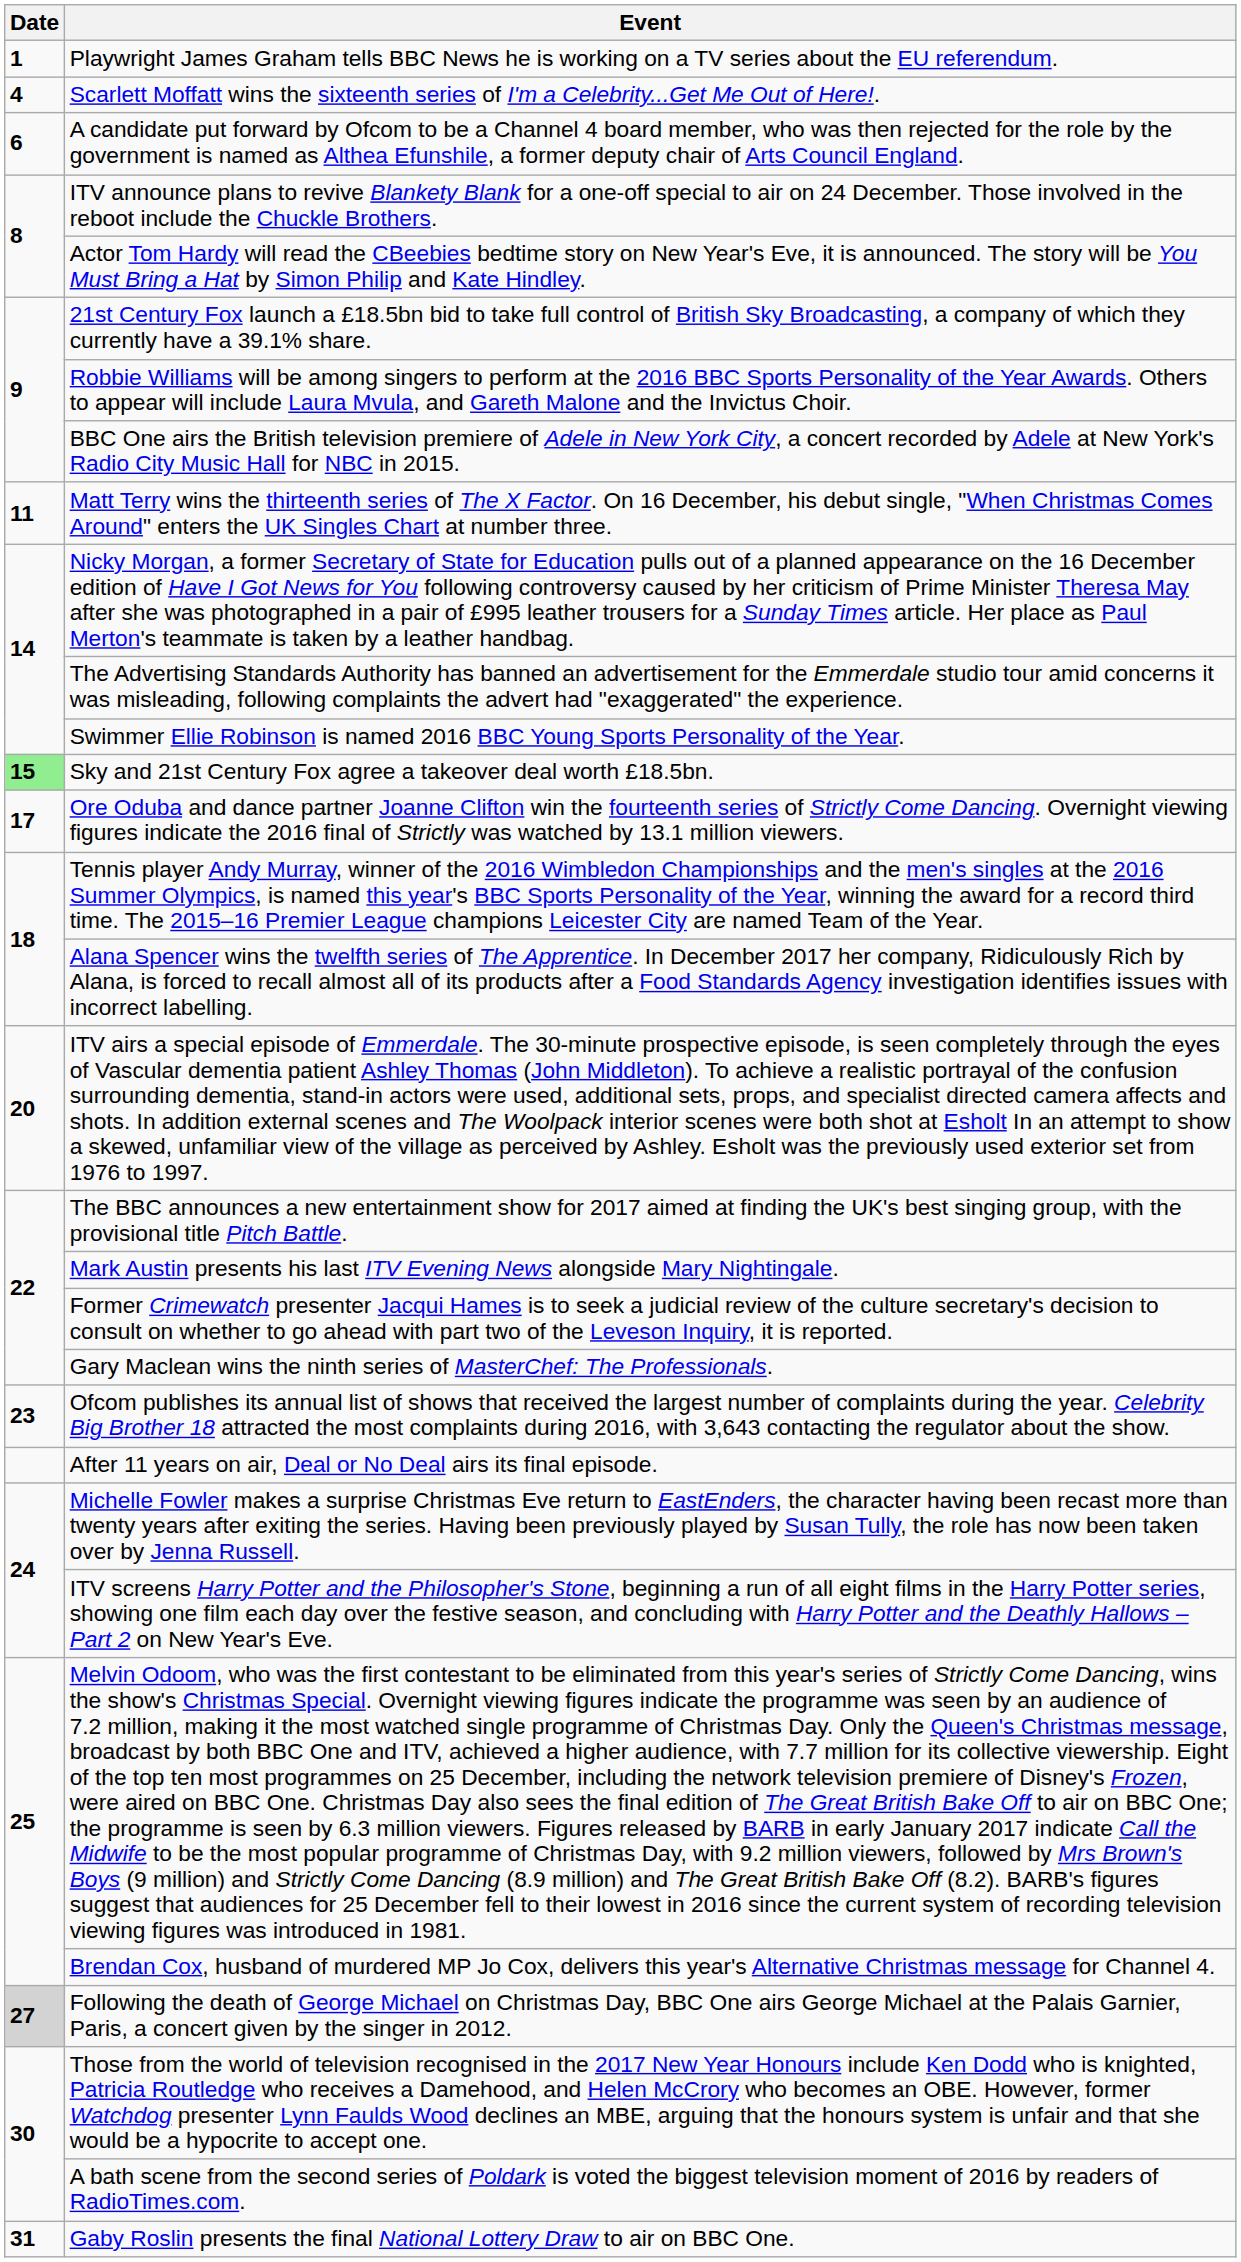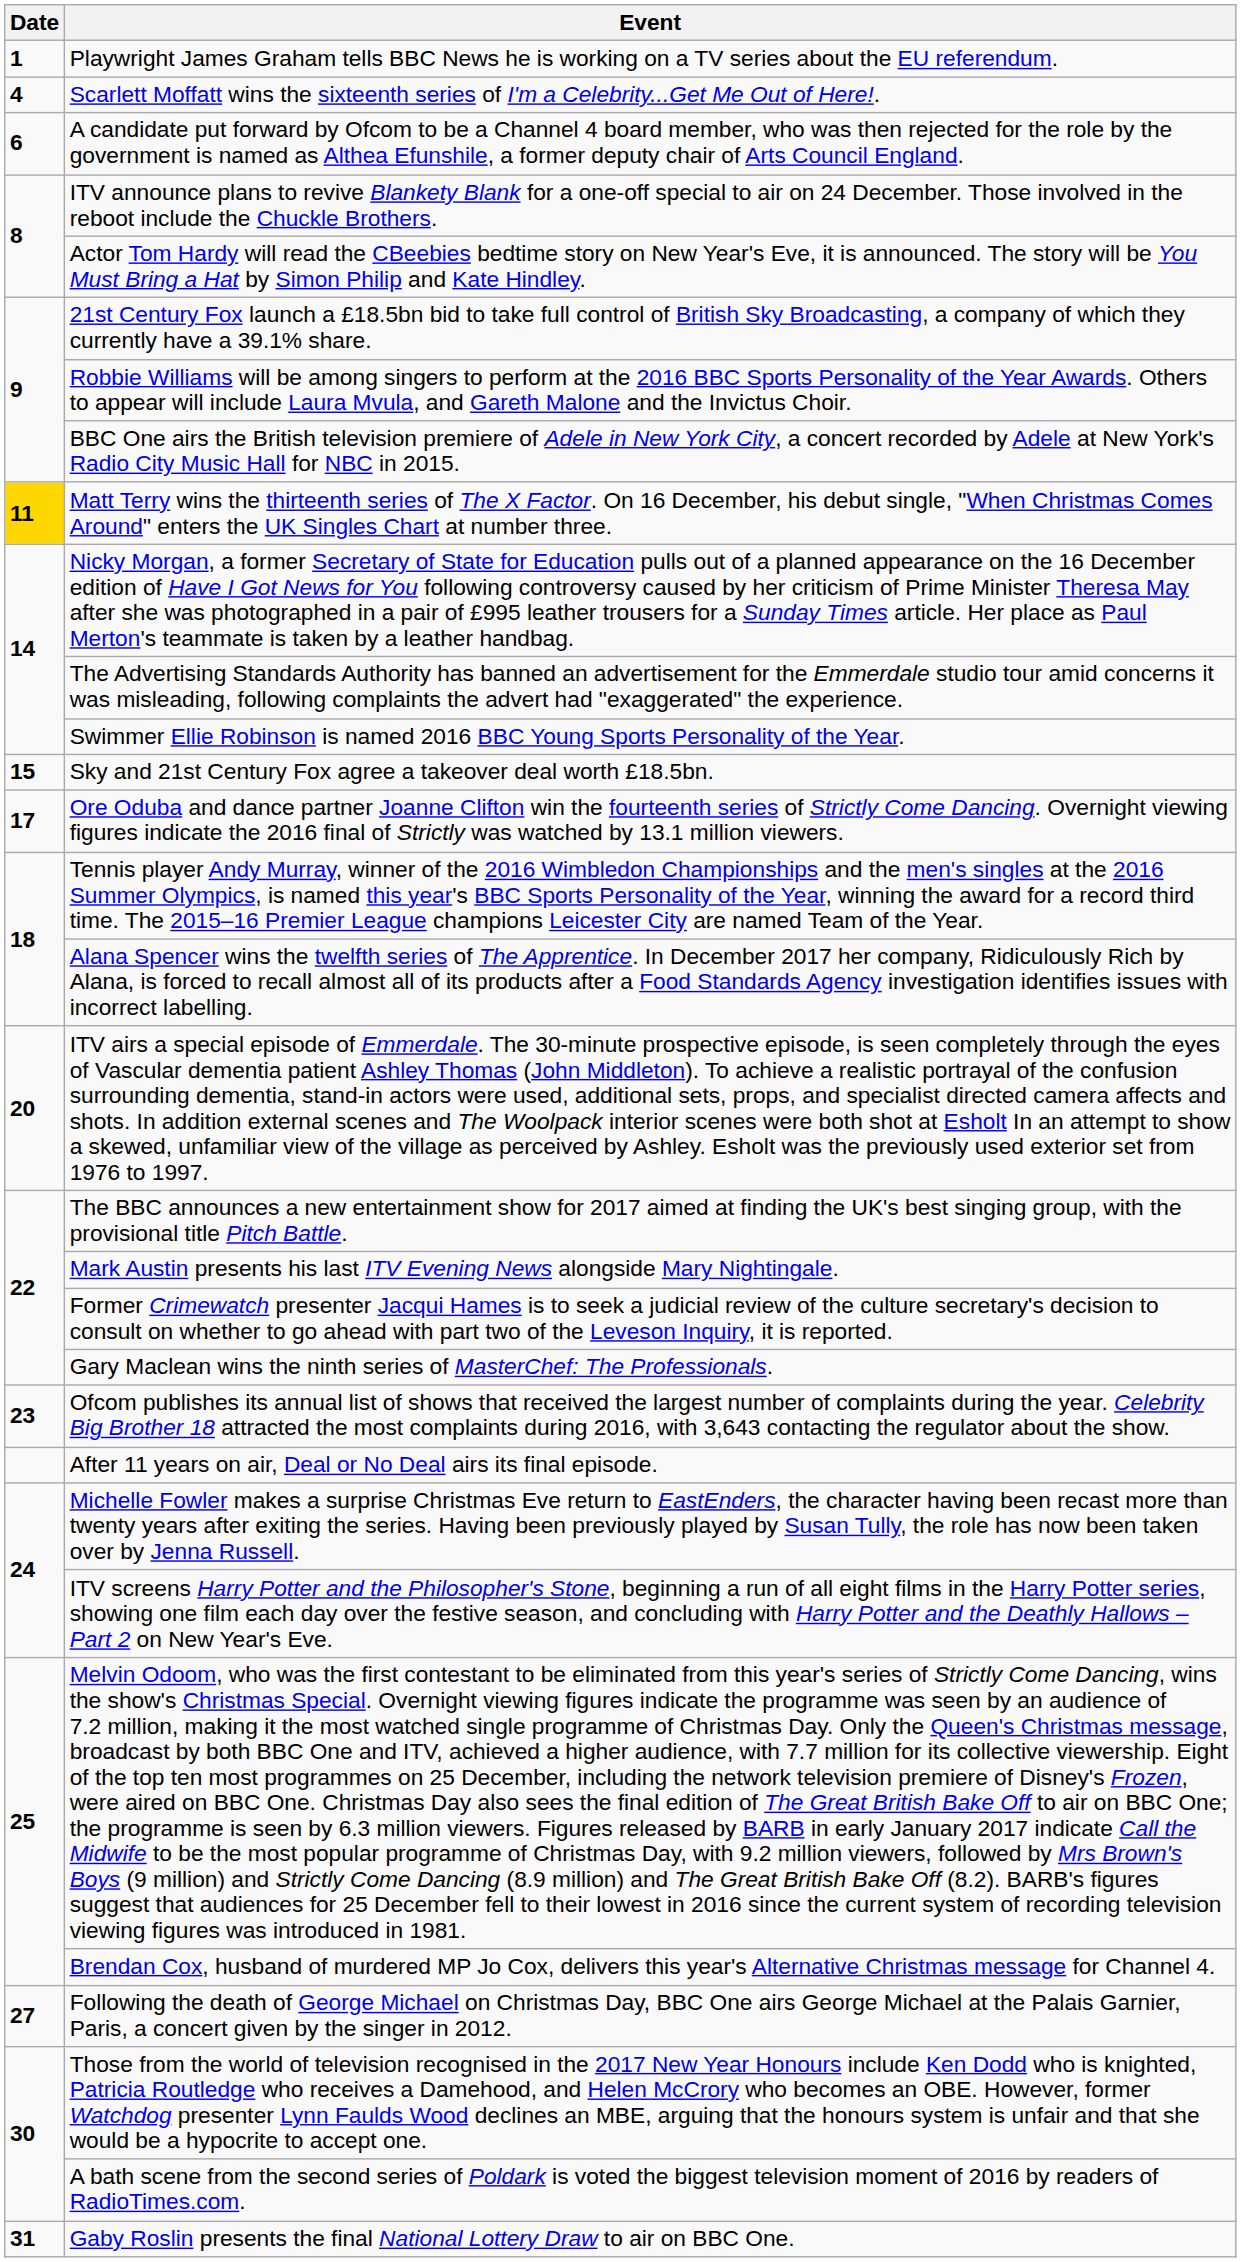 <table class="wikitable">
 <tr>
 <th>Date</th>
 <th>Event</th>
 </tr>
 <tr>
 <td><strong>1</strong></td>
 <td>Playwright James Graham tells BBC News he is working on a TV series about the <a href='#'>EU referendum</a>.</td>
 </tr>
 <tr>
 <td><strong>4</strong></td>
 <td><a href='#'>Scarlett Moffatt</a> wins the <a href='#'>sixteenth series</a> of <em><a href='#'>I'm a Celebrity...Get Me Out of Here!</a></em>.</td>
 </tr>
 <tr>
 <td><strong>6</strong></td>
 <td>A candidate put forward by Ofcom to be a Channel 4 board member, who was then rejected for the role by the government is named as <a href='#'>Althea Efunshile</a>, a former deputy chair of <a href='#'>Arts Council England</a>.</td>
 </tr>
 <tr>
 <td rowspan=2><strong>8</strong></td>
 <td>ITV announce plans to revive <em><a href='#'>Blankety Blank</a></em> for a one-off special to air on 24 December. Those involved in the reboot include the <a href='#'>Chuckle Brothers</a>.</td>
 </tr>
 <tr>
 <td>Actor <a href='#'>Tom Hardy</a> will read the <a href='#'>CBeebies</a> bedtime story on New Year's Eve, it is announced. The story will be <em><a href='#'>You Must Bring a Hat</a></em> by <a href='#'>Simon Philip</a> and <a href='#'>Kate Hindley</a>.</td>
 </tr>
 <tr>
 <td rowspan=3><strong>9</strong></td>
 <td><a href='#'>21st Century Fox</a> launch a £18.5bn bid to take full control of <a href='#'>British Sky Broadcasting</a>, a company of which they currently have a 39.1% share.</td>
 </tr>
 <tr>
 <td><a href='#'>Robbie Williams</a> will be among singers to perform at the <a href='#'>2016 BBC Sports Personality of the Year Awards</a>. Others to appear will include <a href='#'>Laura Mvula</a>, and <a href='#'>Gareth Malone</a> and the Invictus Choir.</td>
 </tr>
 <tr>
 <td>BBC One airs the British television premiere of <em><a href='#'>Adele in New York City</a></em>, a concert recorded by <a href='#'>Adele</a> at New York's <a href='#'>Radio City Music Hall</a> for <a href='#'>NBC</a> in 2015.</td>
 </tr>
 <tr>
-<td><strong>11</strong></td>
+<td style="background: gold;"><strong>11</strong></td>
 <td><a href='#'>Matt Terry</a> wins the <a href='#'>thirteenth series</a> of <em><a href='#'>The X Factor</a></em>. On 16 December, his debut single, "<a href='#'>When Christmas Comes Around</a>" enters the <a href='#'>UK Singles Chart</a> at number three.</td>
 </tr>
 <tr>
 <td rowspan=3><strong>14</strong></td>
 <td><a href='#'>Nicky Morgan</a>, a former <a href='#'>Secretary of State for Education</a> pulls out of a planned appearance on the 16 December edition of <em><a href='#'>Have I Got News for You</a></em> following controversy caused by her criticism of Prime Minister <a href='#'>Theresa May</a> after she was photographed in a pair of £995 leather trousers for a <em><a href='#'>Sunday Times</a></em> article. Her place as <a href='#'>Paul Merton</a>'s teammate is taken by a leather handbag.</td>
 </tr>
 <tr>
 <td>The Advertising Standards Authority has banned an advertisement for the <em>Emmerdale</em> studio tour amid concerns it was misleading, following complaints the advert had "exaggerated" the experience.</td>
 </tr>
 <tr>
 <td>Swimmer <a href='#'>Ellie Robinson</a> is named 2016 <a href='#'>BBC Young Sports Personality of the Year</a>.</td>
 </tr>
 <tr>
-<td style="background: lightgreen;"><strong>15</strong></td>
+<td><strong>15</strong></td>
 <td>Sky and 21st Century Fox agree a takeover deal worth £18.5bn.</td>
 </tr>
 <tr>
 <td><strong>17</strong></td>
 <td><a href='#'>Ore Oduba</a> and dance partner <a href='#'>Joanne Clifton</a> win the <a href='#'>fourteenth series</a> of <em><a href='#'>Strictly Come Dancing</a></em>. Overnight viewing figures indicate the 2016 final of <em>Strictly</em> was watched by 13.1 million viewers.</td>
 </tr>
 <tr>
 <td rowspan=2><strong>18</strong></td>
 <td>Tennis player <a href='#'>Andy Murray</a>, winner of the <a href='#'>2016 Wimbledon Championships</a> and the <a href='#'>men's singles</a> at the <a href='#'>2016 Summer Olympics</a>, is named <a href='#'>this year</a>'s <a href='#'>BBC Sports Personality of the Year</a>, winning the award for a record third time. The <a href='#'>2015–16 Premier League</a> champions <a href='#'>Leicester City</a> are named Team of the Year.</td>
 </tr>
 <tr>
 <td><a href='#'>Alana Spencer</a> wins the <a href='#'>twelfth series</a> of <em><a href='#'>The Apprentice</a></em>. In December 2017 her company, Ridiculously Rich by Alana, is forced to recall almost all of its products after a <a href='#'>Food Standards Agency</a> investigation identifies issues with incorrect labelling.</td>
 </tr>
 <tr>
 <td><strong>20</strong></td>
 <td>ITV airs a special episode of <em><a href='#'>Emmerdale</a></em>. The 30-minute prospective episode, is seen completely through the eyes of Vascular dementia patient <a href='#'>Ashley Thomas</a> (<a href='#'>John Middleton</a>). To achieve a realistic portrayal of the confusion surrounding dementia, stand-in actors were used, additional sets, props, and specialist directed camera affects and shots. In addition external scenes and <em>The Woolpack</em> interior scenes were both shot at <a href='#'>Esholt</a> In an attempt to show a skewed, unfamiliar view of the village as perceived by Ashley. Esholt was the previously used exterior set from 1976 to 1997.</td>
 </tr>
 <tr>
 <td rowspan=4><strong>22</strong></td>
 <td>The BBC announces a new entertainment show for 2017 aimed at finding the UK's best singing group, with the provisional title <em><a href='#'>Pitch Battle</a></em>.</td>
 </tr>
 <tr>
 <td><a href='#'>Mark Austin</a> presents his last <em><a href='#'>ITV Evening News</a></em> alongside <a href='#'>Mary Nightingale</a>.</td>
 </tr>
 <tr>
 <td>Former <em><a href='#'>Crimewatch</a></em> presenter <a href='#'>Jacqui Hames</a> is to seek a judicial review of the culture secretary's decision to consult on whether to go ahead with part two of the <a href='#'>Leveson Inquiry</a>, it is reported.</td>
 </tr>
 <tr>
 <td>Gary Maclean wins the ninth series of <em><a href='#'>MasterChef: The Professionals</a></em>.</td>
 </tr>
 <tr>
 <td><strong>23</strong></td>
 <td>Ofcom publishes its annual list of shows that received the largest number of complaints during the year. <em><a href='#'>Celebrity Big Brother 18</a></em> attracted the most complaints during 2016, with 3,643 contacting the regulator about the show.</td>
 </tr>
 <tr>
 <td></td>
 <td>After 11 years on air, <a href='#'>Deal or No Deal</a> airs its final episode.</td>
 </tr>
 <tr>
 <td rowspan=2><strong>24</strong></td>
 <td><a href='#'>Michelle Fowler</a> makes a surprise Christmas Eve return to <em><a href='#'>EastEnders</a></em>, the character having been recast more than twenty years after exiting the series. Having been previously played by <a href='#'>Susan Tully</a>, the role has now been taken over by <a href='#'>Jenna Russell</a>.</td>
 </tr>
 <tr>
 <td>ITV screens <em><a href='#'>Harry Potter and the Philosopher's Stone</a></em>, beginning a run of all eight films in the <a href='#'>Harry Potter series</a>, showing one film each day over the festive season, and concluding with <em><a href='#'>Harry Potter and the Deathly Hallows – Part 2</a></em> on New Year's Eve.</td>
 </tr>
 <tr>
 <td rowspan=2><strong>25</strong></td>
 <td><a href='#'>Melvin Odoom</a>, who was the first contestant to be eliminated from this year's series of <em>Strictly Come Dancing</em>, wins the show's <a href='#'>Christmas Special</a>. Overnight viewing figures indicate the programme was seen by an audience of 7.2 million, making it the most watched single programme of Christmas Day. Only the <a href='#'>Queen's Christmas message</a>, broadcast by both BBC One and ITV, achieved a higher audience, with 7.7 million for its collective viewership. Eight of the top ten most programmes on 25 December, including the network television premiere of Disney's <em><a href='#'>Frozen</a></em>, were aired on BBC One. Christmas Day also sees the final edition of <em><a href='#'>The Great British Bake Off</a></em> to air on BBC One; the programme is seen by 6.3 million viewers. Figures released by <a href='#'>BARB</a> in early January 2017 indicate <em><a href='#'>Call the Midwife</a></em> to be the most popular programme of Christmas Day, with 9.2 million viewers, followed by <em><a href='#'>Mrs Brown's Boys</a></em> (9 million) and <em>Strictly Come Dancing</em> (8.9 million) and <em>The Great British Bake Off</em> (8.2). BARB's figures suggest that audiences for 25 December fell to their lowest in 2016 since the current system of recording television viewing figures was introduced in 1981.</td>
 </tr>
 <tr>
 <td><a href='#'>Brendan Cox</a>, husband of murdered MP Jo Cox, delivers this year's <a href='#'>Alternative Christmas message</a> for Channel 4.</td>
 </tr>
 <tr>
-<td style="background: lightgrey;"><strong>27</strong></td>
+<td><strong>27</strong></td>
 <td>Following the death of <a href='#'>George Michael</a> on Christmas Day, BBC One airs George Michael at the Palais Garnier, Paris, a concert given by the singer in 2012.</td>
 </tr>
 <tr>
 <td rowspan=2><strong>30</strong></td>
 <td>Those from the world of television recognised in the <a href='#'>2017 New Year Honours</a> include <a href='#'>Ken Dodd</a> who is knighted, <a href='#'>Patricia Routledge</a> who receives a Damehood, and <a href='#'>Helen McCrory</a> who becomes an OBE. However, former <em><a href='#'>Watchdog</a></em> presenter <a href='#'>Lynn Faulds Wood</a> declines an MBE, arguing that the honours system is unfair and that she would be a hypocrite to accept one.</td>
 </tr>
 <tr>
 <td>A bath scene from the second series of <em><a href='#'>Poldark</a></em> is voted the biggest television moment of 2016 by readers of <a href='#'>RadioTimes.com</a>.</td>
 </tr>
 <tr>
 <td><strong>31</strong></td>
 <td><a href='#'>Gaby Roslin</a> presents the final <em><a href='#'>National Lottery Draw</a></em> to air on BBC One.</td>
 </tr>
 </table>
